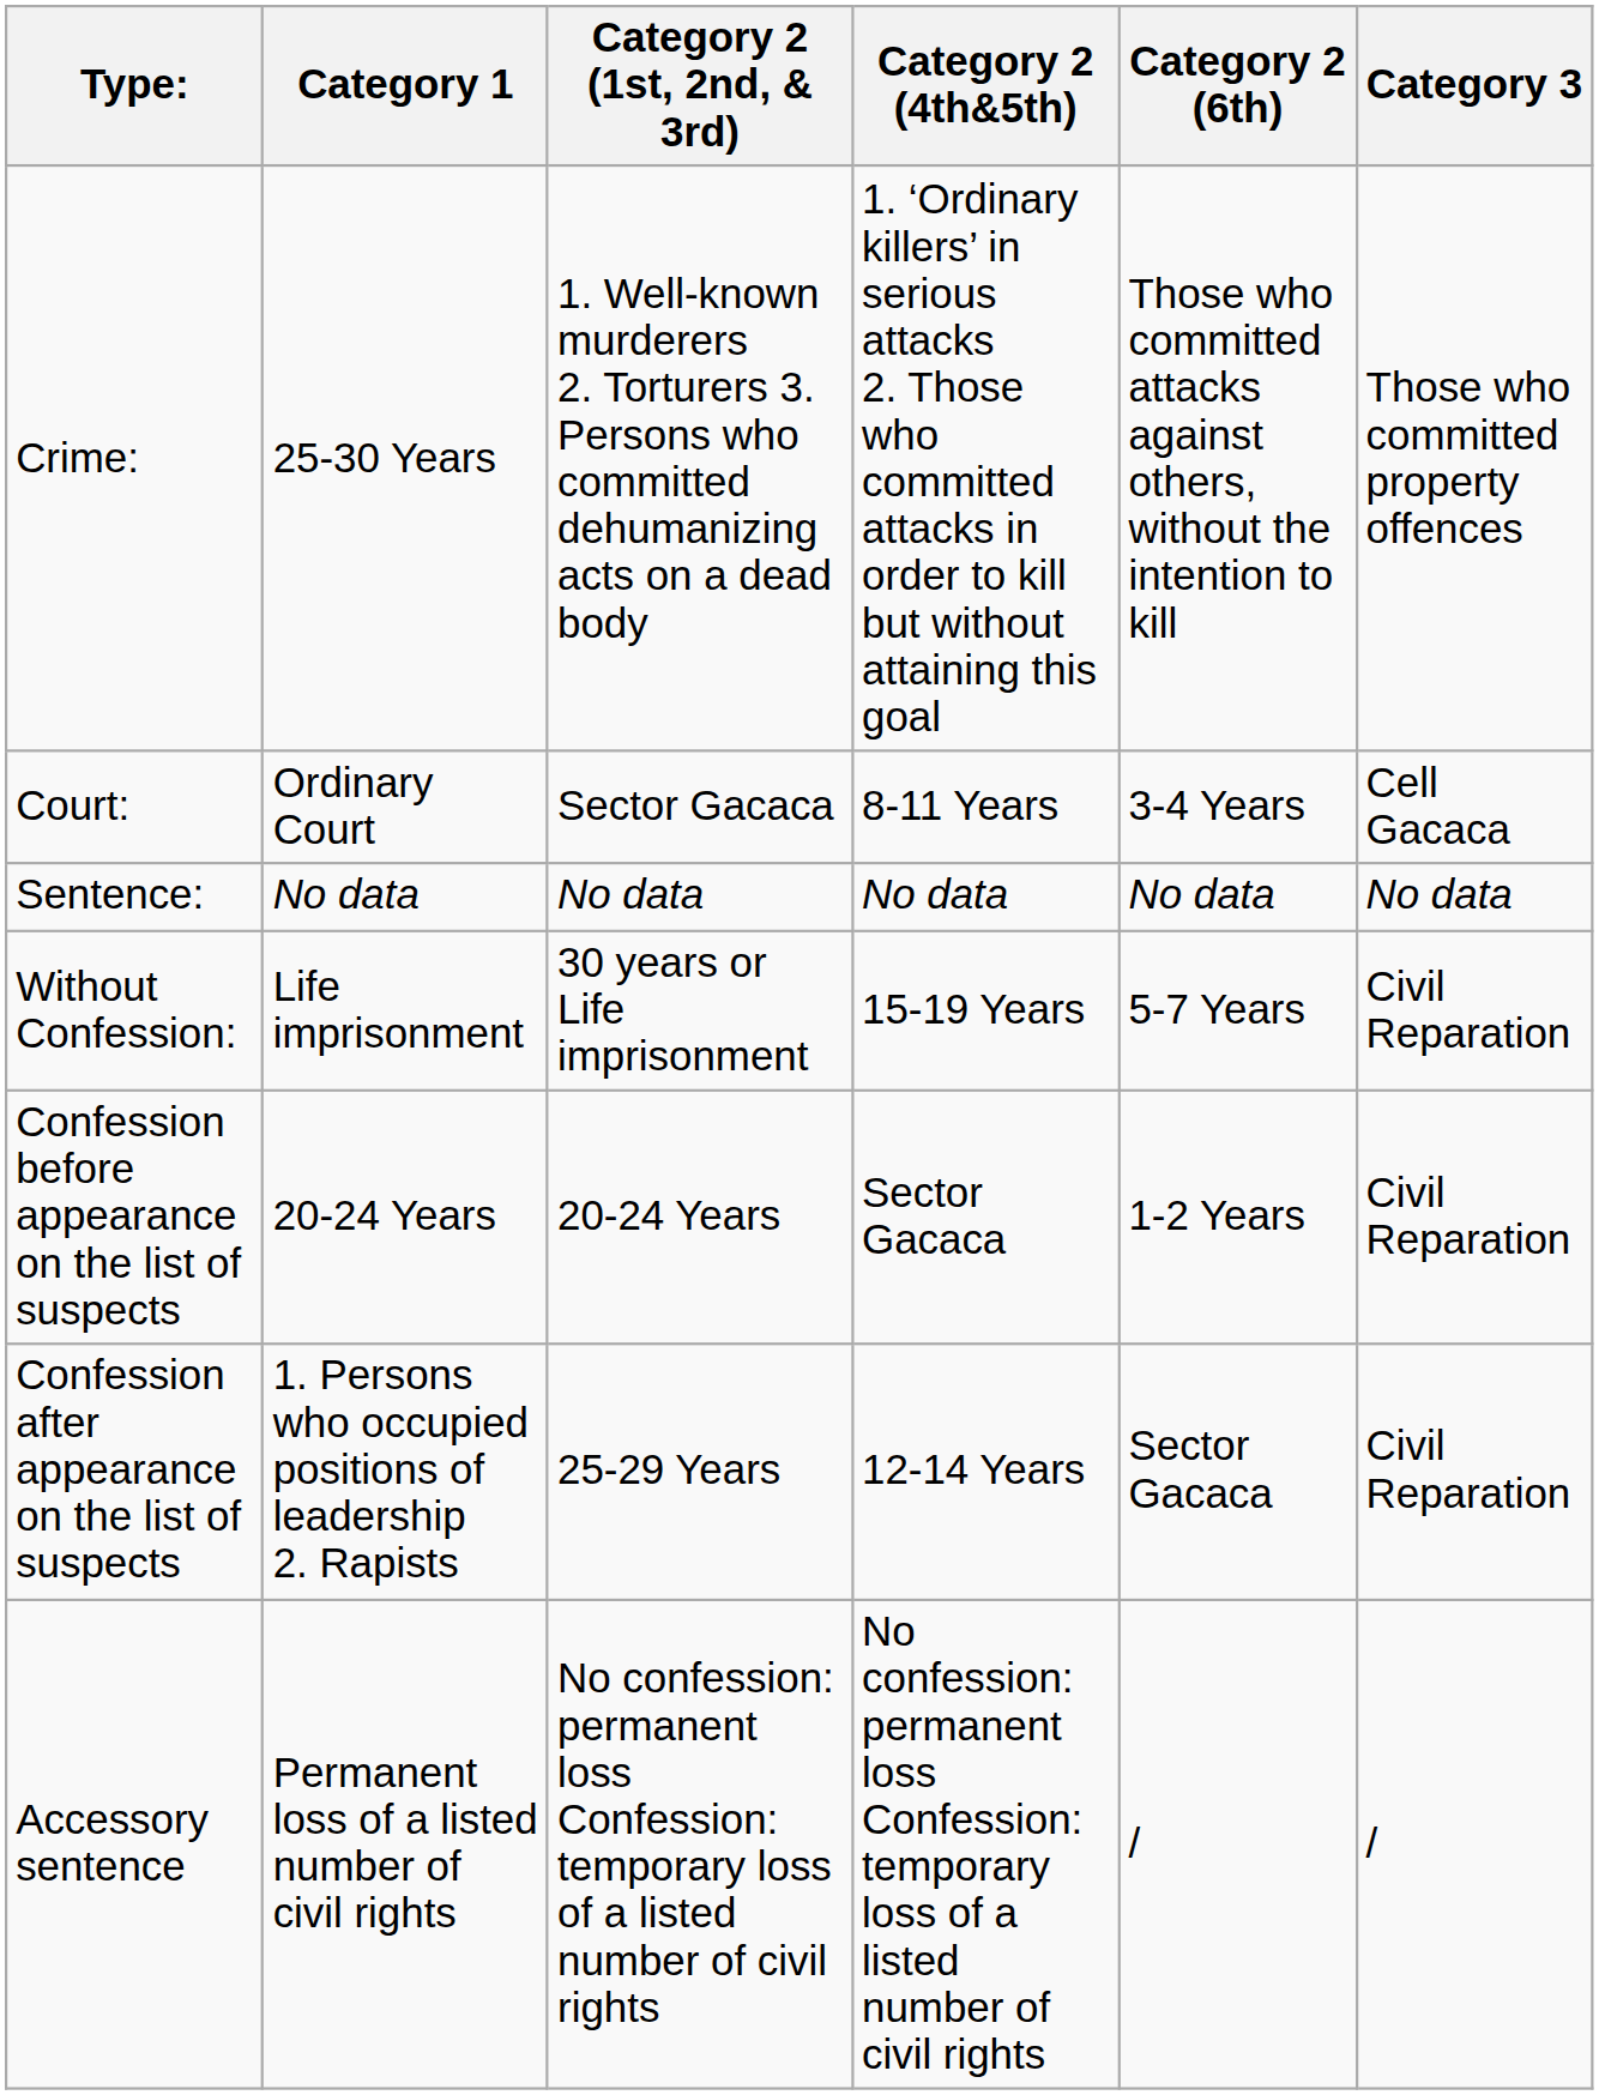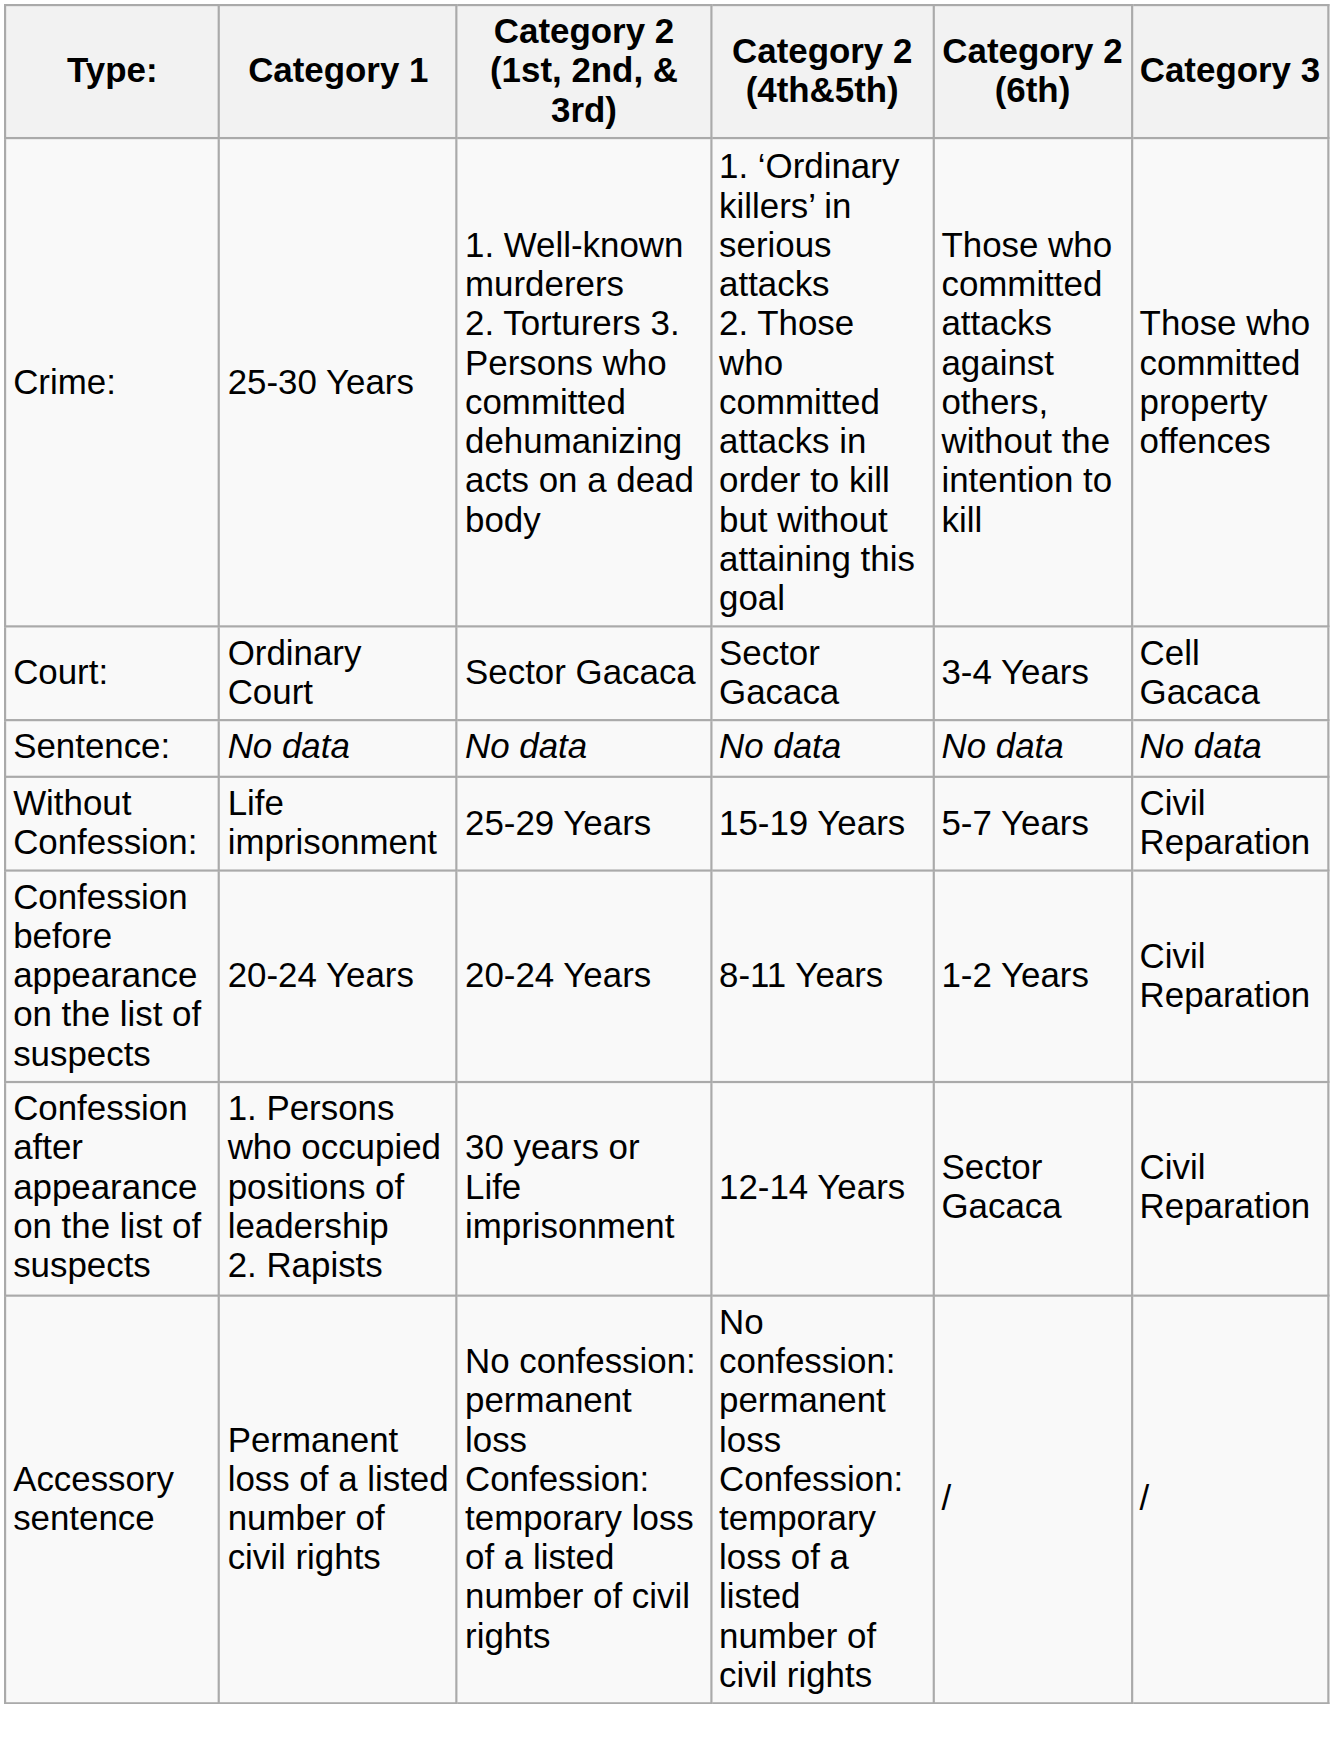 <table class="wikitable">
 <tr>
 <th>Type:</th>
 <th>Category 1</th>
 <th>Category 2 (1st, 2nd, & 3rd)</th>
 <th>Category 2 (4th&5th)</th>
 <th>Category 2 (6th)</th>
 <th>Category 3</th>
 </tr>
 <tr>
 <td>Crime:</td>
 <td>25-30 Years</td>
 <td>1. Well-known murderers<br>2. Torturers 3. Persons who committed dehumanizing acts on a dead body</td>
 <td>1. ‘Ordinary killers’ in serious attacks<br>2. Those who committed attacks in order to kill but without attaining this goal</td>
 <td>Those who committed attacks against others, without the intention to kill</td>
 <td>Those who committed property offences</td>
 </tr>
 <tr>
 <td>Court:</td>
 <td>Ordinary Court</td>
 <td>Sector Gacaca</td>
-<td>8-11 Years</td>
+<td>Sector Gacaca</td>
 <td>3-4 Years</td>
 <td>Cell Gacaca</td>
 </tr>
 <tr>
 <td>Sentence:</td>
 <td><em>No data</em> </td>
 <td><em>No data</em> </td>
 <td><em>No data</em> </td>
 <td><em>No data</em> </td>
 <td><em>No data</em> </td>
 </tr>
 <tr>
 <td>Without Confession:</td>
 <td>Life imprisonment</td>
-<td>30 years or Life imprisonment</td>
+<td>25-29 Years</td>
 <td>15-19 Years</td>
 <td>5-7 Years</td>
 <td>Civil Reparation</td>
 </tr>
 <tr>
 <td>Confession before appearance on the list of suspects</td>
 <td>20-24 Years</td>
 <td>20-24 Years</td>
-<td>Sector Gacaca</td>
+<td>8-11 Years</td>
 <td>1-2 Years</td>
 <td>Civil Reparation</td>
 </tr>
 <tr>
 <td>Confession after appearance on the list of suspects</td>
 <td>1. Persons who occupied positions of leadership<br>2. Rapists</td>
-<td>25-29 Years</td>
+<td>30 years or Life imprisonment</td>
 <td>12-14 Years</td>
 <td>Sector Gacaca</td>
 <td>Civil Reparation</td>
 </tr>
 <tr>
 <td>Accessory sentence</td>
 <td>Permanent loss of a listed number of civil rights</td>
 <td>No confession: permanent loss<br>Confession: temporary loss of a listed number of civil rights</td>
 <td>No confession: permanent loss<br>Confession: temporary loss of a listed number of civil rights</td>
 <td>/</td>
 <td>/</td>
 </tr>
 </table>
